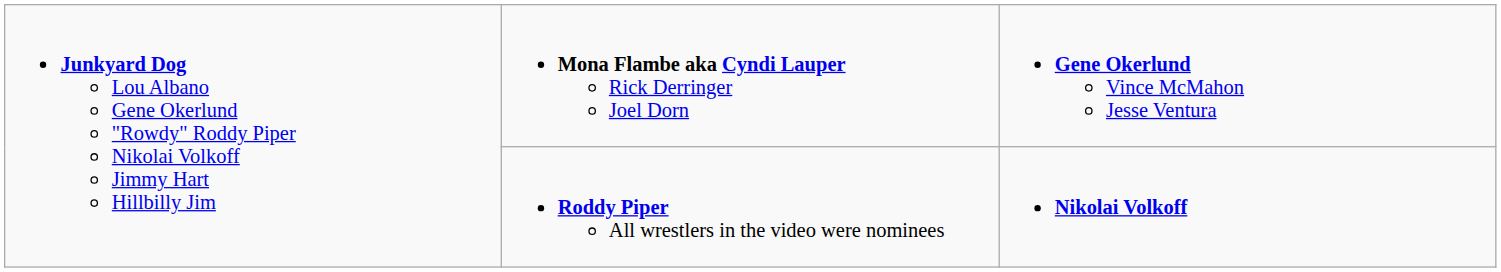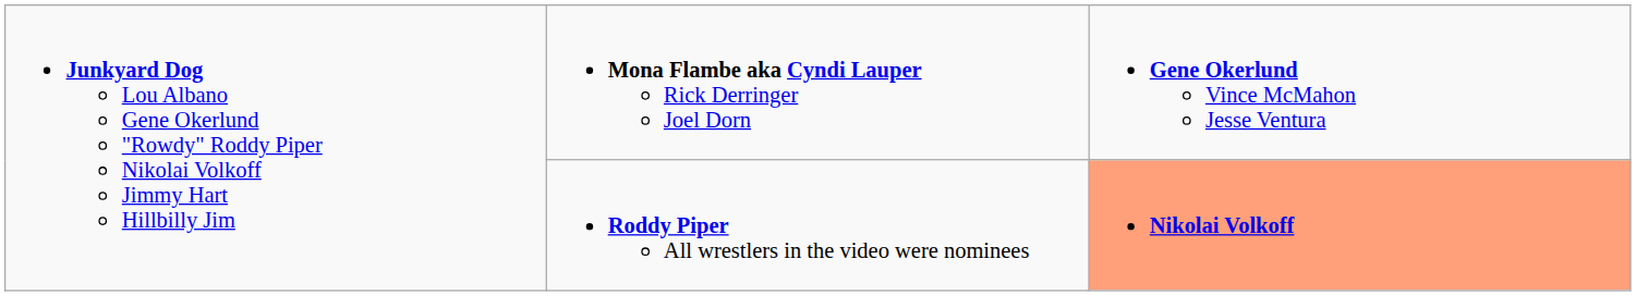 <table class=wikitable>
 <tr>
 <td style="vertical-align:top;" width="30%" rowspan=2><br><ul><li><strong><a href='#'>Junkyard Dog</a></strong><ul><li><a href='#'>Lou Albano</a></li><li><a href='#'>Gene Okerlund</a></li><li><a href='#'>"Rowdy" Roddy Piper</a></li><li><a href='#'>Nikolai Volkoff</a></li><li><a href='#'>Jimmy Hart</a></li><li><a href='#'>Hillbilly Jim</a></li></ul></li></ul></td>
 <td style="vertical-align:top;" width="30%"><br><ul><li><strong>Mona Flambe aka <a href='#'>Cyndi Lauper</a></strong><ul><li><a href='#'>Rick Derringer</a></li><li><a href='#'>Joel Dorn</a></li></ul></li></ul></td>
 <td style="vertical-align:top;" width="30%"><br><ul><li><strong><a href='#'>Gene Okerlund</a></strong><ul><li><a href='#'>Vince McMahon</a></li><li><a href='#'>Jesse Ventura</a></li></ul></li></ul></td>
 </tr>
 <tr>
 <td style="vertical-align:top;" width="30%"><br><ul><li><strong><a href='#'>Roddy Piper</a></strong><ul><li>All wrestlers in the video were nominees</li></ul></li></ul></td>
-<td style="vertical-align:top;" width="30%"><br><ul><li><strong><a href='#'>Nikolai Volkoff</a></strong></li></ul></td>
+<td style="background: lightsalmon; vertical-align:top;" width="30%"><br><ul><li><strong><a href='#'>Nikolai Volkoff</a></strong></li></ul></td>
 </tr>
 </table>
